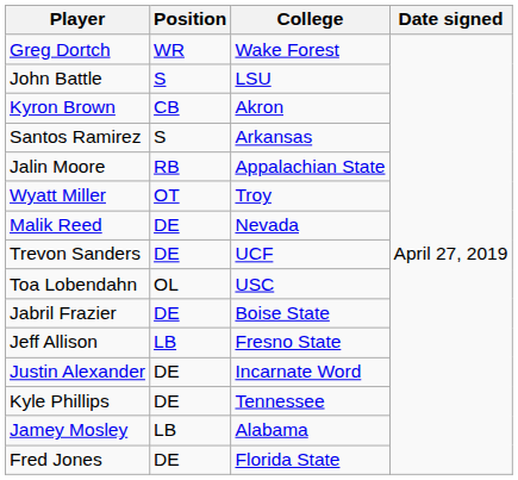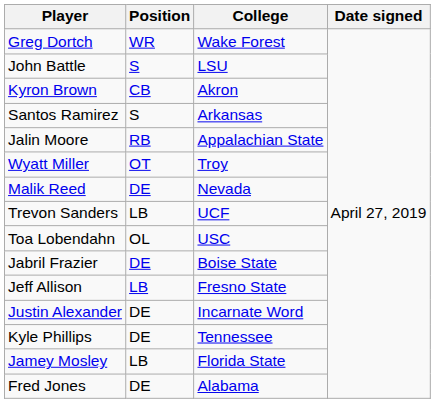 <table class="wikitable">
 <tr>
 <th>Player</th>
 <th>Position</th>
 <th>College</th>
 <th>Date signed</th>
 </tr>
 <tr>
 <td><a href='#'>Greg Dortch</a></td>
 <td><a href='#'>WR</a></td>
 <td><a href='#'>Wake Forest</a></td>
 <td rowspan="15">April 27, 2019</td>
 </tr>
 <tr>
 <td>John Battle</td>
 <td><a href='#'>S</a></td>
 <td><a href='#'>LSU</a></td>
 </tr>
 <tr>
 <td><a href='#'>Kyron Brown</a></td>
 <td><a href='#'>CB</a></td>
 <td><a href='#'>Akron</a></td>
 </tr>
 <tr>
 <td>Santos Ramirez</td>
 <td>S</td>
 <td><a href='#'>Arkansas</a></td>
 </tr>
 <tr>
 <td>Jalin Moore</td>
 <td><a href='#'>RB</a></td>
 <td><a href='#'>Appalachian State</a></td>
 </tr>
 <tr>
 <td><a href='#'>Wyatt Miller</a></td>
 <td><a href='#'>OT</a></td>
 <td><a href='#'>Troy</a></td>
 </tr>
 <tr>
 <td><a href='#'>Malik Reed</a></td>
 <td><a href='#'>DE</a></td>
 <td><a href='#'>Nevada</a></td>
 </tr>
 <tr>
 <td>Trevon Sanders</td>
-<td><a href='#'>DE</a></td>
+<td>LB</td>
 <td><a href='#'>UCF</a></td>
 </tr>
 <tr>
 <td>Toa Lobendahn</td>
 <td>OL</td>
 <td><a href='#'>USC</a></td>
 </tr>
 <tr>
 <td>Jabril Frazier</td>
 <td><a href='#'>DE</a></td>
 <td><a href='#'>Boise State</a></td>
 </tr>
 <tr>
 <td>Jeff Allison</td>
 <td><a href='#'>LB</a></td>
 <td><a href='#'>Fresno State</a></td>
 </tr>
 <tr>
 <td><a href='#'>Justin Alexander</a></td>
 <td>DE</td>
 <td><a href='#'>Incarnate Word</a></td>
 </tr>
 <tr>
 <td>Kyle Phillips</td>
 <td>DE</td>
 <td><a href='#'>Tennessee</a></td>
 </tr>
 <tr>
 <td><a href='#'>Jamey Mosley</a></td>
 <td>LB</td>
-<td><a href='#'>Alabama</a></td>
+<td><a href='#'>Florida State</a></td>
 </tr>
 <tr>
 <td>Fred Jones</td>
 <td>DE</td>
-<td><a href='#'>Florida State</a></td>
+<td><a href='#'>Alabama</a></td>
 </tr>
 </table>
